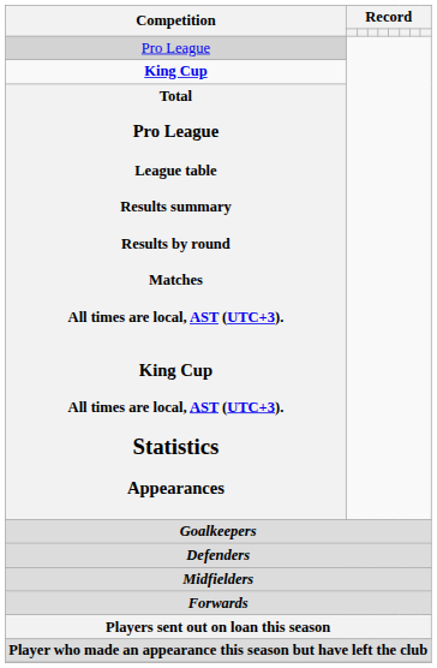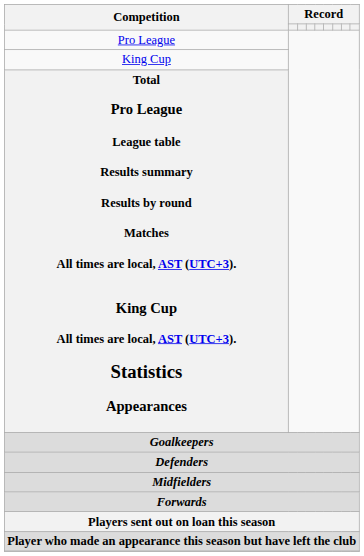 <table class="wikitable" style="text-align: center">
 <tr>
 <th rowspan=2>Competition</th>
 <th colspan=8>Record</th>
 </tr>
 <tr>
 <th></th>
 <th></th>
 <th></th>
 <th></th>
 <th></th>
 <th></th>
 <th></th>
 <th></th>
 </tr>
 <tr>
-<td style="background: lightgrey;"><a href='#'>Pro League</a><br></td>
+<td><a href='#'>Pro League</a><br></td>
 </tr>
 <tr>
-<td><strong><a href='#'>King Cup</a><br></strong></td>
+<td><a href='#'>King Cup</a><br></td>
 </tr>
 <tr>
 <th>Total<br> <h3>Pro League</h3><h4>League table</h4><h4>Results summary</h4> <h4>Results by round</h4><h4>Matches</h4>All times are local, <a href='#'>AST</a> (<a href='#'>UTC+3</a>).<br>   <br>                              <h3>King Cup</h3> All times are local, <a href='#'>AST</a> (<a href='#'>UTC+3</a>).<br>  <h2>Statistics</h2><h3>Appearances</h3></th>
 </tr>
 <tr>
 <th colspan=10 style=background:#dcdcdc; text-align:center><em>Goalkeepers</em><br>  </th>
 </tr>
 <tr>
 <th colspan=10 style=background:#dcdcdc; text-align:center><em>Defenders</em><br>       </th>
 </tr>
 <tr>
 <th colspan=10 style=background:#dcdcdc; text-align:center><em>Midfielders</em><br>           </th>
 </tr>
 <tr>
 <th colspan=10 style=background:#dcdcdc; text-align:center><em>Forwards</em><br>  </th>
 </tr>
 <tr>
 <th colspan="14">Players sent out on loan this season<br> </th>
 </tr>
 <tr>
 <th colspan=18 style=background:#dcdcdc; text-align:center>Player who made an appearance this season but have left the club<br> </th>
 </tr>
 <tr>
 </tr>
 </table>
